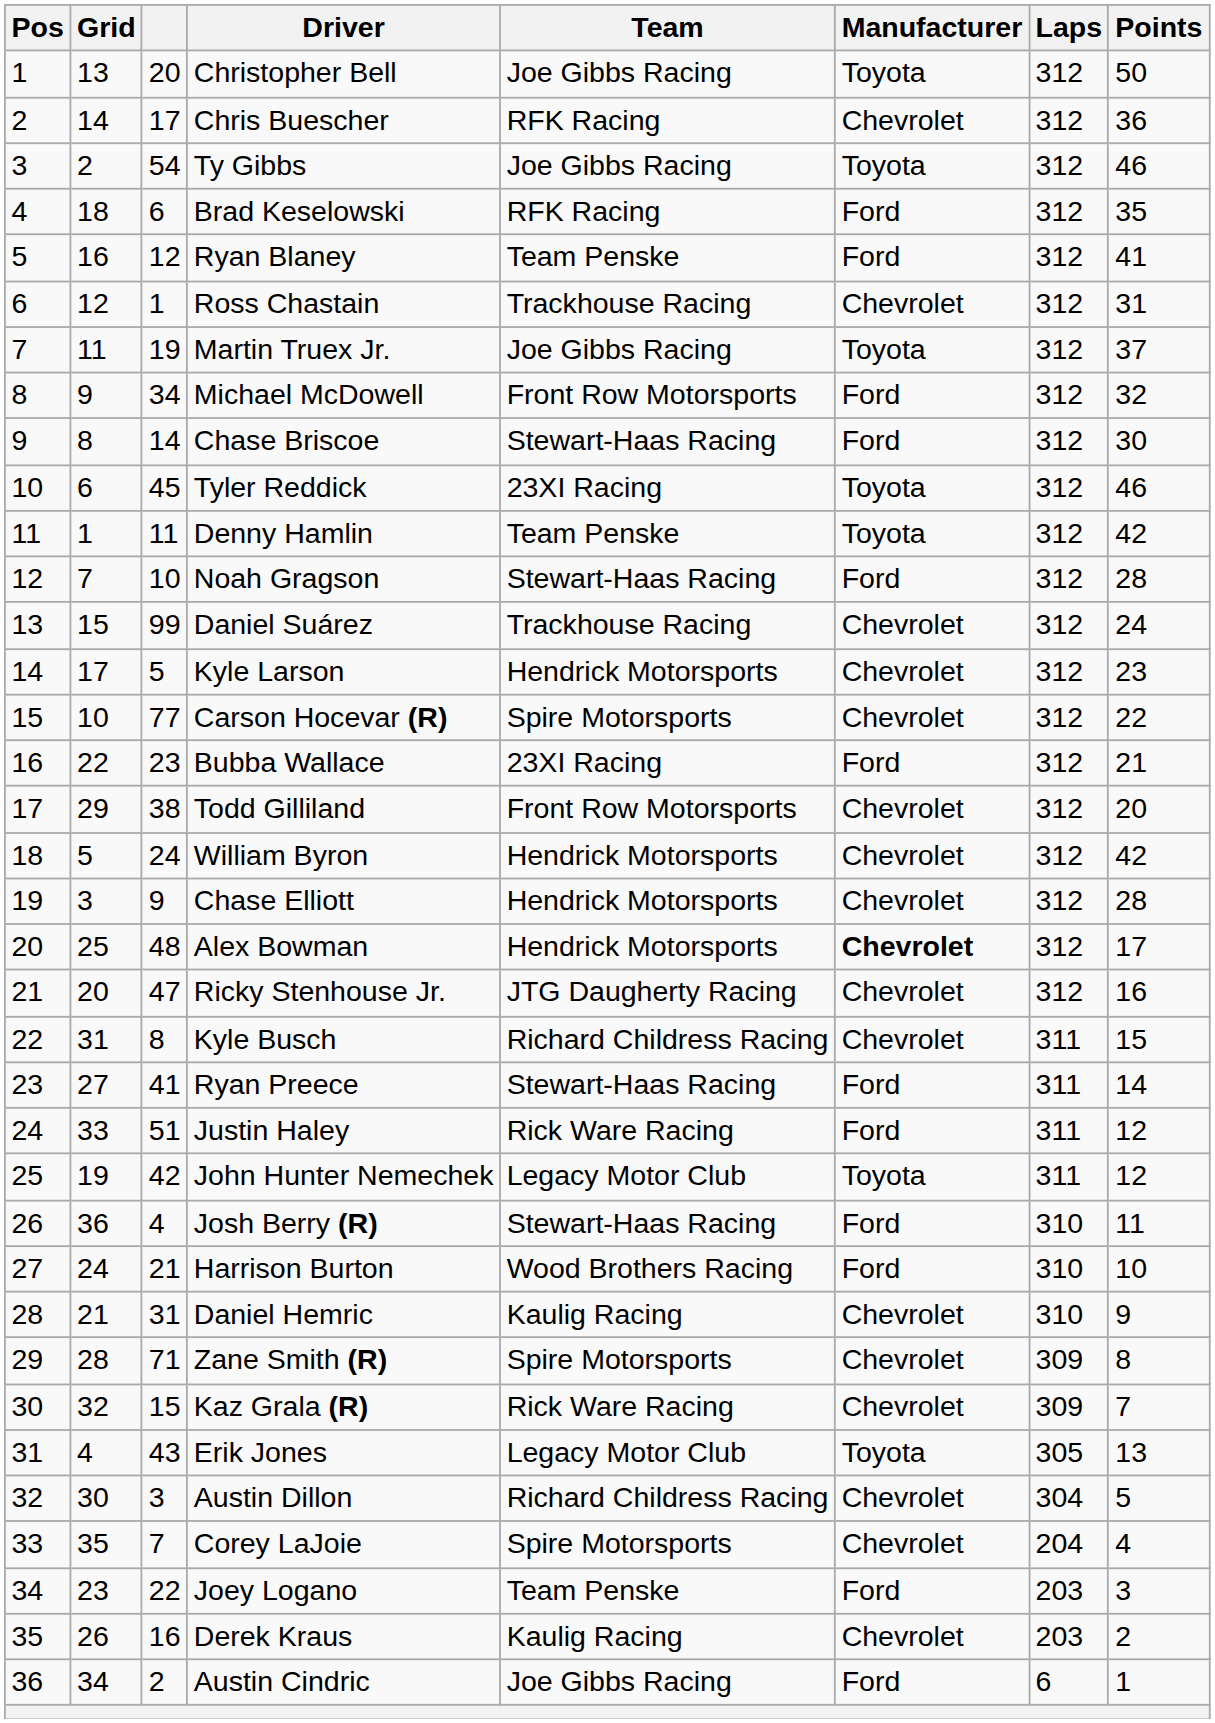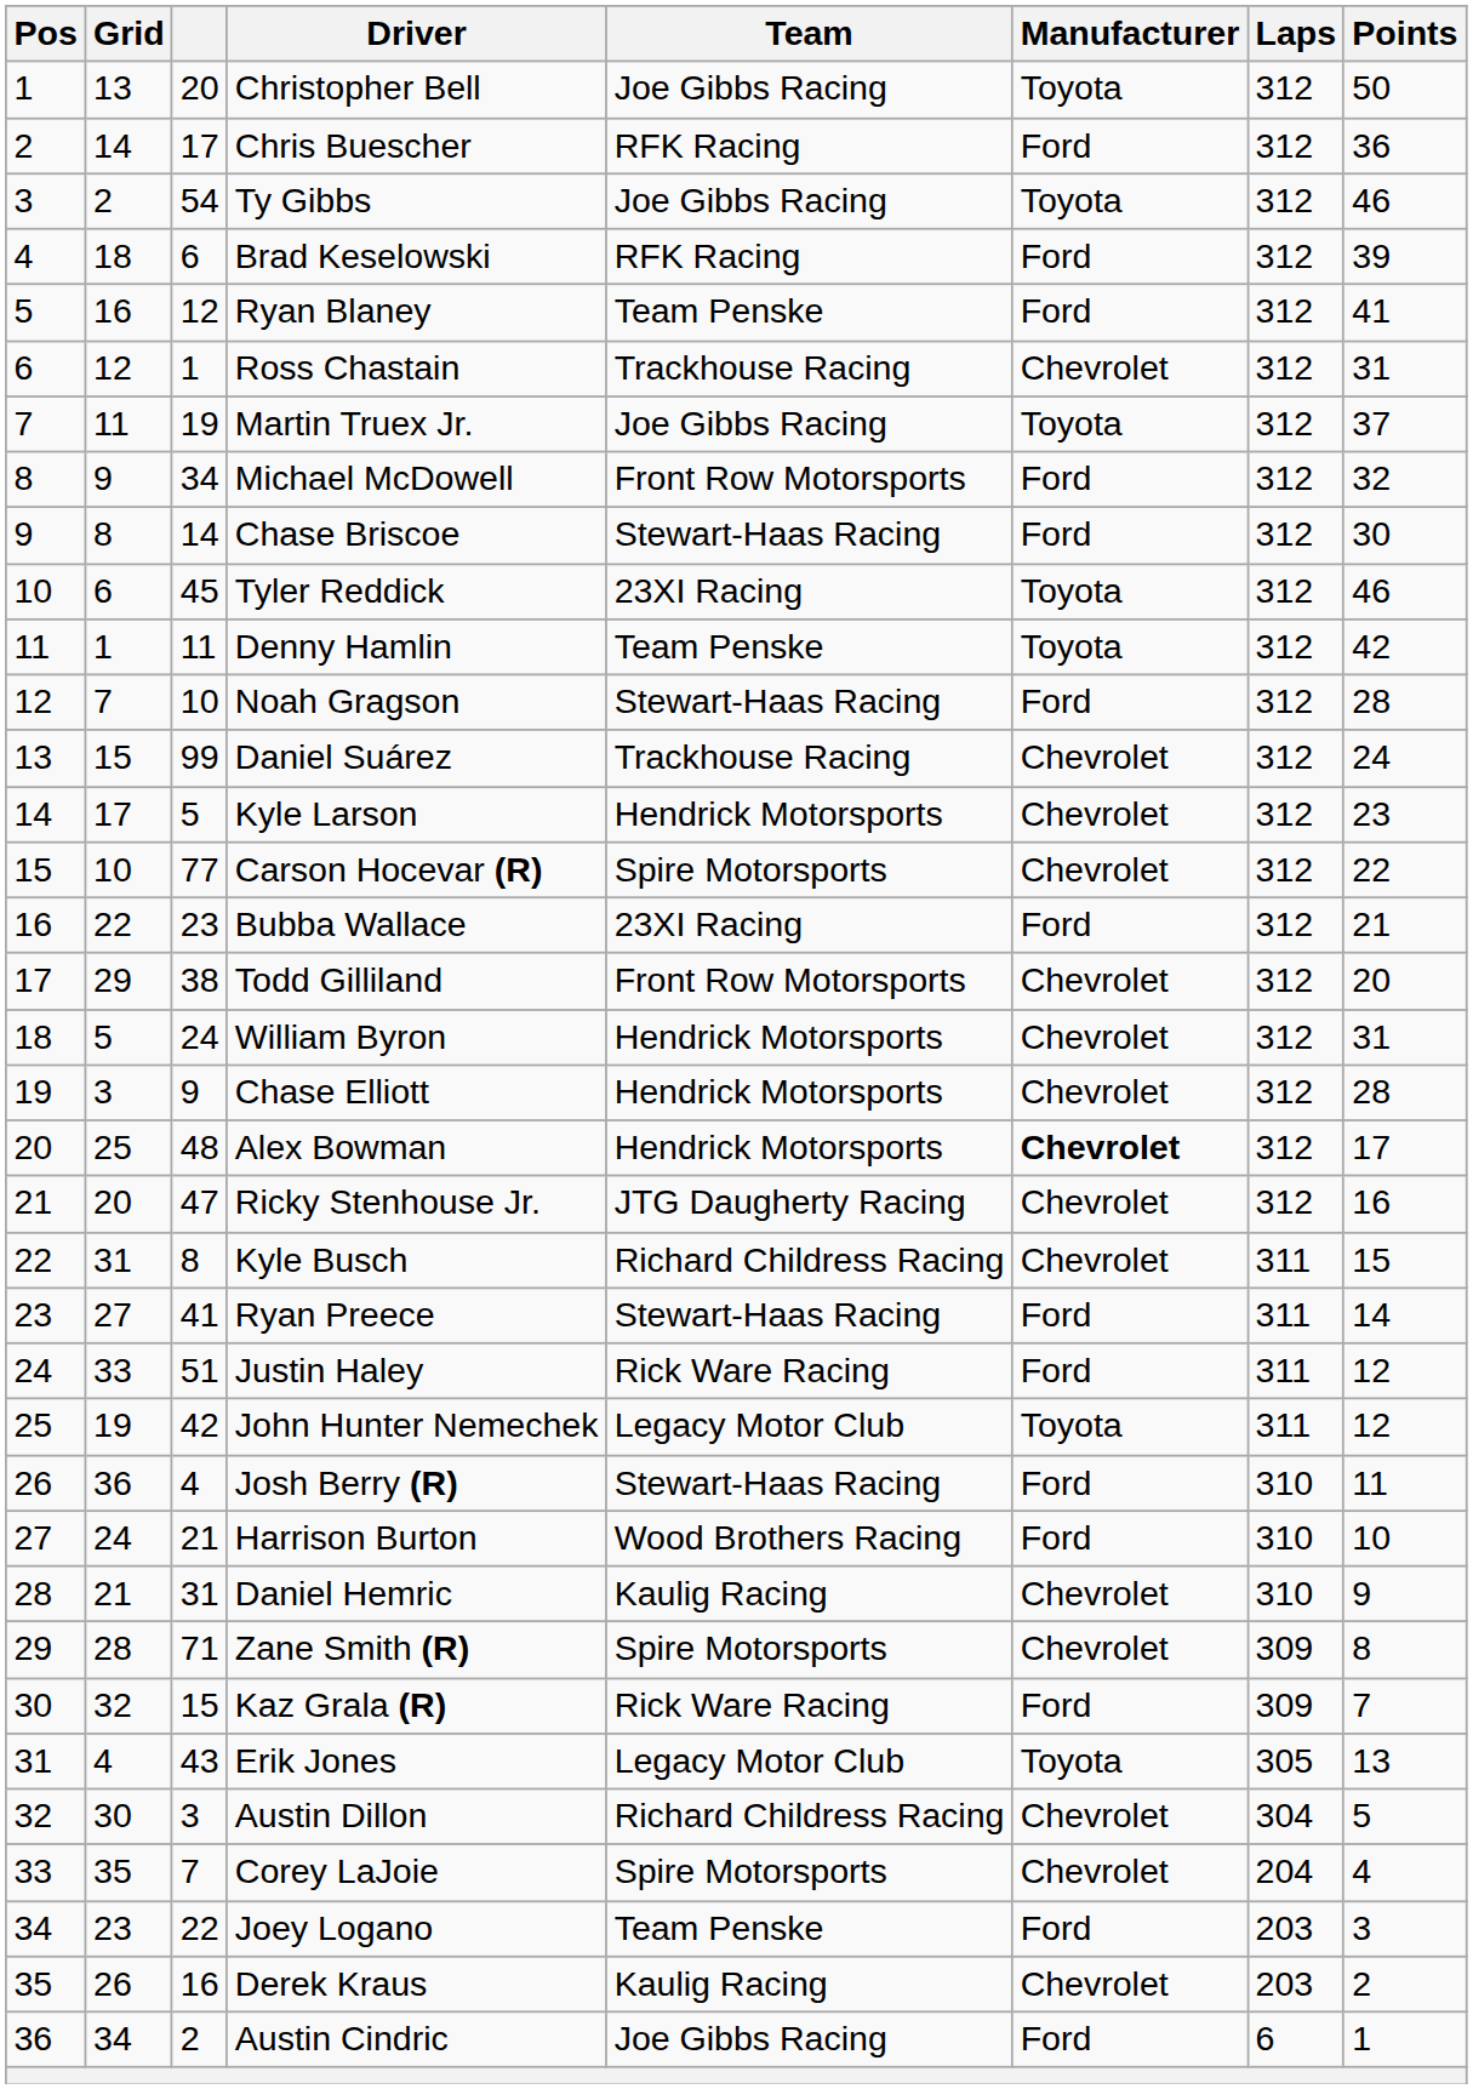 <table class="wikitable" style="font-size:98%">
 <tr>
 <th>Pos</th>
 <th>Grid</th>
 <th></th>
 <th>Driver</th>
 <th>Team</th>
 <th>Manufacturer</th>
 <th>Laps</th>
 <th>Points</th>
 </tr>
 <tr>
 <td>1</td>
 <td>13</td>
 <td>20</td>
 <td>Christopher Bell</td>
 <td>Joe Gibbs Racing</td>
 <td>Toyota</td>
 <td>312</td>
 <td>50</td>
 </tr>
 <tr>
 <td>2</td>
 <td>14</td>
 <td>17</td>
 <td>Chris Buescher</td>
 <td>RFK Racing</td>
-<td>Chevrolet</td>
+<td>Ford</td>
 <td>312</td>
 <td>36</td>
 </tr>
 <tr>
 <td>3</td>
 <td>2</td>
 <td>54</td>
 <td>Ty Gibbs</td>
 <td>Joe Gibbs Racing</td>
 <td>Toyota</td>
 <td>312</td>
 <td>46</td>
 </tr>
 <tr>
 <td>4</td>
 <td>18</td>
 <td>6</td>
 <td>Brad Keselowski</td>
 <td>RFK Racing</td>
 <td>Ford</td>
 <td>312</td>
-<td>35</td>
+<td>39</td>
 </tr>
 <tr>
 <td>5</td>
 <td>16</td>
 <td>12</td>
 <td>Ryan Blaney</td>
 <td>Team Penske</td>
 <td>Ford</td>
 <td>312</td>
 <td>41</td>
 </tr>
 <tr>
 <td>6</td>
 <td>12</td>
 <td>1</td>
 <td>Ross Chastain</td>
 <td>Trackhouse Racing</td>
 <td>Chevrolet</td>
 <td>312</td>
 <td>31</td>
 </tr>
 <tr>
 <td>7</td>
 <td>11</td>
 <td>19</td>
 <td>Martin Truex Jr.</td>
 <td>Joe Gibbs Racing</td>
 <td>Toyota</td>
 <td>312</td>
 <td>37</td>
 </tr>
 <tr>
 <td>8</td>
 <td>9</td>
 <td>34</td>
 <td>Michael McDowell</td>
 <td>Front Row Motorsports</td>
 <td>Ford</td>
 <td>312</td>
 <td>32</td>
 </tr>
 <tr>
 <td>9</td>
 <td>8</td>
 <td>14</td>
 <td>Chase Briscoe</td>
 <td>Stewart-Haas Racing</td>
 <td>Ford</td>
 <td>312</td>
 <td>30</td>
 </tr>
 <tr>
 <td>10</td>
 <td>6</td>
 <td>45</td>
 <td>Tyler Reddick</td>
 <td>23XI Racing</td>
 <td>Toyota</td>
 <td>312</td>
 <td>46</td>
 </tr>
 <tr>
 <td>11</td>
 <td>1</td>
 <td>11</td>
 <td>Denny Hamlin</td>
 <td>Team Penske</td>
 <td>Toyota</td>
 <td>312</td>
 <td>42</td>
 </tr>
 <tr>
 <td>12</td>
 <td>7</td>
 <td>10</td>
 <td>Noah Gragson</td>
 <td>Stewart-Haas Racing</td>
 <td>Ford</td>
 <td>312</td>
 <td>28</td>
 </tr>
 <tr>
 <td>13</td>
 <td>15</td>
 <td>99</td>
 <td>Daniel Suárez</td>
 <td>Trackhouse Racing</td>
 <td>Chevrolet</td>
 <td>312</td>
 <td>24</td>
 </tr>
 <tr>
 <td>14</td>
 <td>17</td>
 <td>5</td>
 <td>Kyle Larson</td>
 <td>Hendrick Motorsports</td>
 <td>Chevrolet</td>
 <td>312</td>
 <td>23</td>
 </tr>
 <tr>
 <td>15</td>
 <td>10</td>
 <td>77</td>
 <td>Carson Hocevar <strong>(R)</strong></td>
 <td>Spire Motorsports</td>
 <td>Chevrolet</td>
 <td>312</td>
 <td>22</td>
 </tr>
 <tr>
 <td>16</td>
 <td>22</td>
 <td>23</td>
 <td>Bubba Wallace</td>
 <td>23XI Racing</td>
 <td>Ford</td>
 <td>312</td>
 <td>21</td>
 </tr>
 <tr>
 <td>17</td>
 <td>29</td>
 <td>38</td>
 <td>Todd Gilliland</td>
 <td>Front Row Motorsports</td>
 <td>Chevrolet</td>
 <td>312</td>
 <td>20</td>
 </tr>
 <tr>
 <td>18</td>
 <td>5</td>
 <td>24</td>
 <td>William Byron</td>
 <td>Hendrick Motorsports</td>
 <td>Chevrolet</td>
 <td>312</td>
-<td>42</td>
+<td>31</td>
 </tr>
 <tr>
 <td>19</td>
 <td>3</td>
 <td>9</td>
 <td>Chase Elliott</td>
 <td>Hendrick Motorsports</td>
 <td>Chevrolet</td>
 <td>312</td>
 <td>28</td>
 </tr>
 <tr>
 <td>20</td>
 <td>25</td>
 <td>48</td>
 <td>Alex Bowman</td>
 <td>Hendrick Motorsports</td>
 <td><strong>Chevrolet</strong></td>
 <td>312</td>
 <td>17</td>
 </tr>
 <tr>
 <td>21</td>
 <td>20</td>
 <td>47</td>
 <td>Ricky Stenhouse Jr.</td>
 <td>JTG Daugherty Racing</td>
 <td>Chevrolet</td>
 <td>312</td>
 <td>16</td>
 </tr>
 <tr>
 <td>22</td>
 <td>31</td>
 <td>8</td>
 <td>Kyle Busch</td>
 <td>Richard Childress Racing</td>
 <td>Chevrolet</td>
 <td>311</td>
 <td>15</td>
 </tr>
 <tr>
 <td>23</td>
 <td>27</td>
 <td>41</td>
 <td>Ryan Preece</td>
 <td>Stewart-Haas Racing</td>
 <td>Ford</td>
 <td>311</td>
 <td>14</td>
 </tr>
 <tr>
 <td>24</td>
 <td>33</td>
 <td>51</td>
 <td>Justin Haley</td>
 <td>Rick Ware Racing</td>
 <td>Ford</td>
 <td>311</td>
 <td>12</td>
 </tr>
 <tr>
 <td>25</td>
 <td>19</td>
 <td>42</td>
 <td>John Hunter Nemechek</td>
 <td>Legacy Motor Club</td>
 <td>Toyota</td>
 <td>311</td>
 <td>12</td>
 </tr>
 <tr>
 <td>26</td>
 <td>36</td>
 <td>4</td>
 <td>Josh Berry <strong>(R)</strong></td>
 <td>Stewart-Haas Racing</td>
 <td>Ford</td>
 <td>310</td>
 <td>11</td>
 </tr>
 <tr>
 <td>27</td>
 <td>24</td>
 <td>21</td>
 <td>Harrison Burton</td>
 <td>Wood Brothers Racing</td>
 <td>Ford</td>
 <td>310</td>
 <td>10</td>
 </tr>
 <tr>
 <td>28</td>
 <td>21</td>
 <td>31</td>
 <td>Daniel Hemric</td>
 <td>Kaulig Racing</td>
 <td>Chevrolet</td>
 <td>310</td>
 <td>9</td>
 </tr>
 <tr>
 <td>29</td>
 <td>28</td>
 <td>71</td>
 <td>Zane Smith <strong>(R)</strong></td>
 <td>Spire Motorsports</td>
 <td>Chevrolet</td>
 <td>309</td>
 <td>8</td>
 </tr>
 <tr>
 <td>30</td>
 <td>32</td>
 <td>15</td>
 <td>Kaz Grala <strong>(R)</strong></td>
 <td>Rick Ware Racing</td>
-<td>Chevrolet</td>
+<td>Ford</td>
 <td>309</td>
 <td>7</td>
 </tr>
 <tr>
 <td>31</td>
 <td>4</td>
 <td>43</td>
 <td>Erik Jones</td>
 <td>Legacy Motor Club</td>
 <td>Toyota</td>
 <td>305</td>
 <td>13</td>
 </tr>
 <tr>
 <td>32</td>
 <td>30</td>
 <td>3</td>
 <td>Austin Dillon</td>
 <td>Richard Childress Racing</td>
 <td>Chevrolet</td>
 <td>304</td>
 <td>5</td>
 </tr>
 <tr>
 <td>33</td>
 <td>35</td>
 <td>7</td>
 <td>Corey LaJoie</td>
 <td>Spire Motorsports</td>
 <td>Chevrolet</td>
 <td>204</td>
 <td>4</td>
 </tr>
 <tr>
 <td>34</td>
 <td>23</td>
 <td>22</td>
 <td>Joey Logano</td>
 <td>Team Penske</td>
 <td>Ford</td>
 <td>203</td>
 <td>3</td>
 </tr>
 <tr>
 <td>35</td>
 <td>26</td>
 <td>16</td>
 <td>Derek Kraus</td>
 <td>Kaulig Racing</td>
 <td>Chevrolet</td>
 <td>203</td>
 <td>2</td>
 </tr>
 <tr>
 <td>36</td>
 <td>34</td>
 <td>2</td>
 <td>Austin Cindric</td>
 <td>Joe Gibbs Racing</td>
 <td>Ford</td>
 <td>6</td>
 <td>1</td>
 </tr>
 <tr>
 <th colspan="8"></th>
 </tr>
 </table>
